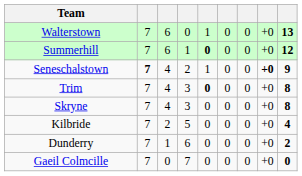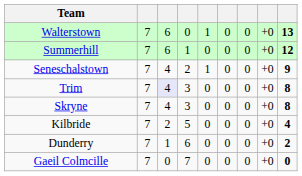 <table class="wikitable" style="text-align:center">
 <tr>
 <th style="width:175px;">Team</th>
 <th width="20"></th>
 <th width="20"></th>
 <th width="20"></th>
 <th width="20"></th>
 <th width="20"></th>
 <th width="20"></th>
 <th width="20"></th>
 <th width="20"></th>
 </tr>
 <tr style="background:#cfc;">
 <td><a href='#'>Walterstown</a></td>
 <td>7</td>
 <td>6</td>
 <td>0</td>
 <td>1</td>
 <td>0</td>
 <td>0</td>
 <td>+0</td>
 <td><strong>13</strong></td>
 </tr>
 <tr style="background:#cfc;">
 <td><a href='#'>Summerhill</a></td>
 <td>7</td>
 <td>6</td>
 <td>1</td>
-<td><strong>0</strong></td>
+<td>0</td>
 <td>0</td>
 <td>0</td>
 <td>+0</td>
 <td><strong>12</strong></td>
 </tr>
 <tr>
 <td><a href='#'>Seneschalstown</a></td>
-<td><strong>7</strong></td>
+<td>7</td>
 <td>4</td>
 <td>2</td>
 <td>1</td>
 <td>0</td>
 <td>0</td>
-<td><strong>+0</strong></td>
+<td>+0</td>
 <td><strong>9</strong></td>
 </tr>
 <tr>
 <td><a href='#'>Trim</a></td>
 <td>7</td>
-<td>4</td>
+<td style="background: lavender;">4</td>
 <td>3</td>
-<td><strong>0</strong></td>
+<td>0</td>
 <td>0</td>
 <td>0</td>
 <td>+0</td>
 <td><strong>8</strong></td>
 </tr>
 <tr>
 <td><a href='#'>Skryne</a></td>
 <td>7</td>
 <td>4</td>
 <td>3</td>
 <td>0</td>
 <td>0</td>
 <td>0</td>
 <td>+0</td>
 <td><strong>8</strong></td>
 </tr>
 <tr>
 <td>Kilbride</td>
 <td>7</td>
 <td>2</td>
 <td>5</td>
 <td>0</td>
 <td>0</td>
 <td>0</td>
 <td>+0</td>
 <td><strong>4</strong></td>
 </tr>
 <tr>
 <td>Dunderry</td>
 <td>7</td>
 <td>1</td>
 <td>6</td>
 <td>0</td>
 <td>0</td>
 <td>0</td>
 <td>+0</td>
 <td><strong>2</strong></td>
 </tr>
 <tr>
 <td><a href='#'>Gaeil Colmcille</a></td>
 <td>7</td>
 <td>0</td>
 <td>7</td>
 <td>0</td>
 <td>0</td>
 <td>0</td>
 <td>+0</td>
 <td><strong>0</strong></td>
 </tr>
 </table>
